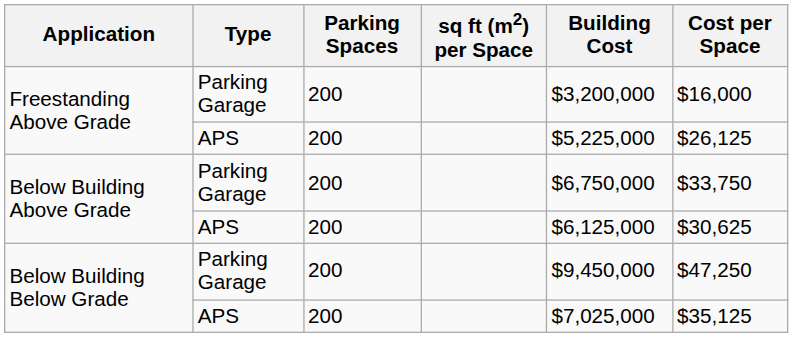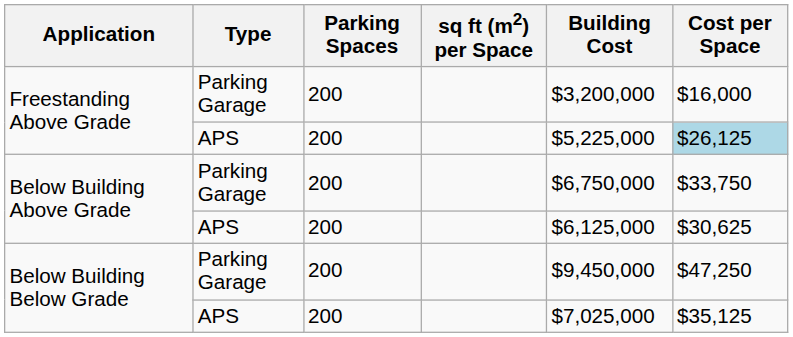 <table class="wikitable">
 <tr>
 <th>Application</th>
 <th>Type</th>
 <th>Parking Spaces</th>
 <th>sq ft (m<sup>2</sup>) per Space</th>
 <th>Building Cost</th>
 <th>Cost per Space</th>
 </tr>
 <tr cellpadding="5">
 <td rowspan="2">Freestanding Above Grade</td>
 <td>Parking Garage</td>
 <td>200</td>
 <td></td>
 <td>$3,200,000</td>
 <td>$16,000</td>
 </tr>
 <tr>
 <td>APS</td>
 <td>200</td>
 <td></td>
 <td>$5,225,000</td>
-<td>$26,125</td>
+<td style="background: lightblue;">$26,125</td>
 </tr>
 <tr>
 <td rowspan="2">Below Building Above Grade</td>
 <td>Parking Garage</td>
 <td>200</td>
 <td></td>
 <td>$6,750,000</td>
 <td>$33,750</td>
 </tr>
 <tr>
 <td>APS</td>
 <td>200</td>
 <td></td>
 <td>$6,125,000</td>
 <td>$30,625</td>
 </tr>
 <tr>
 <td rowspan="2">Below Building Below Grade</td>
 <td>Parking Garage</td>
 <td>200</td>
 <td></td>
 <td>$9,450,000</td>
 <td>$47,250</td>
 </tr>
 <tr>
 <td>APS</td>
 <td>200</td>
 <td></td>
 <td>$7,025,000</td>
 <td>$35,125</td>
 </tr>
 </table>
